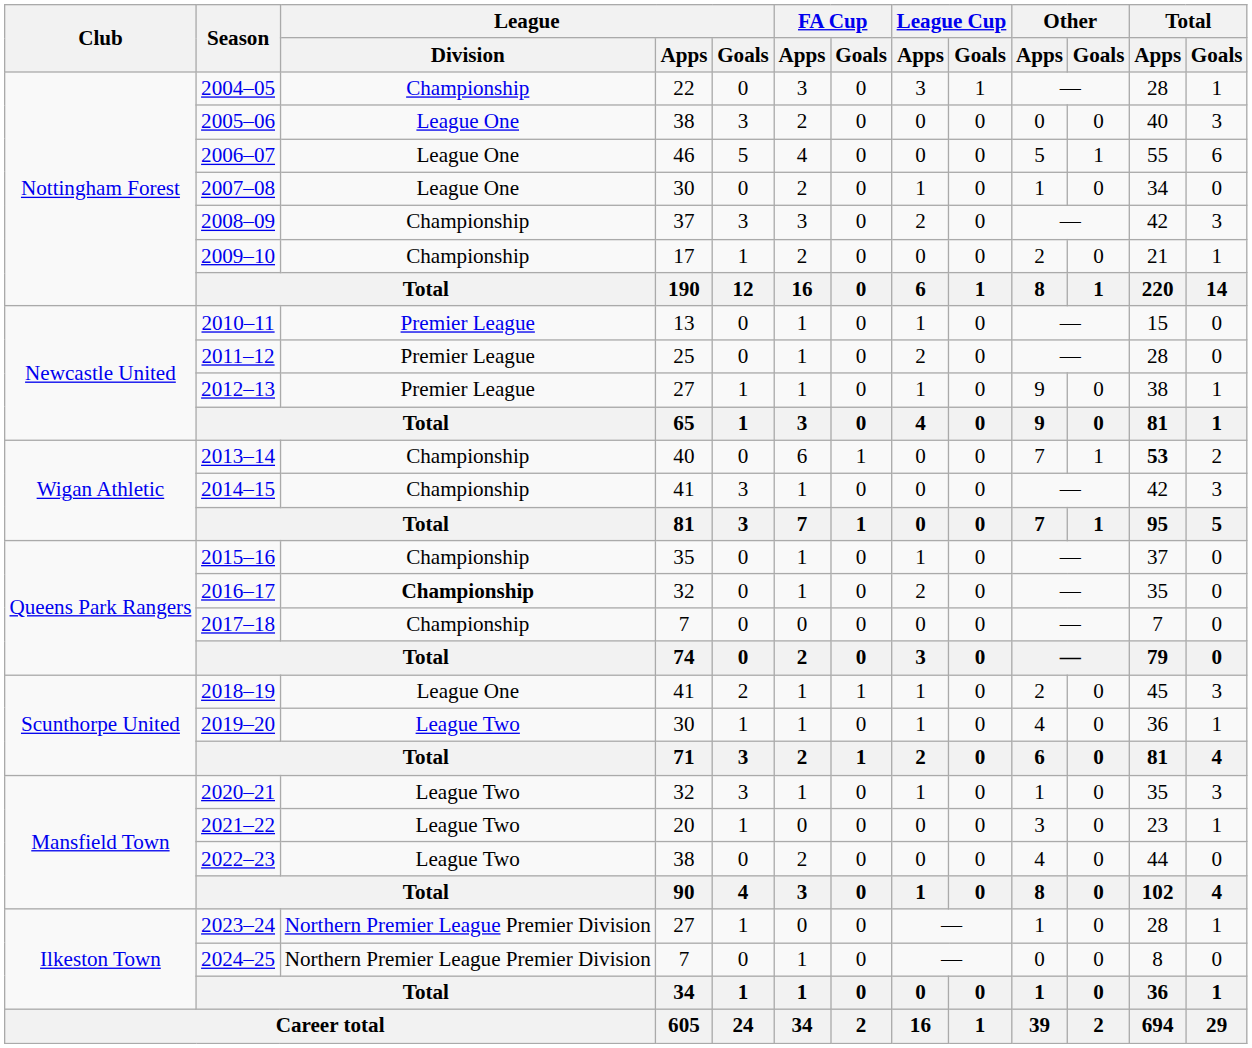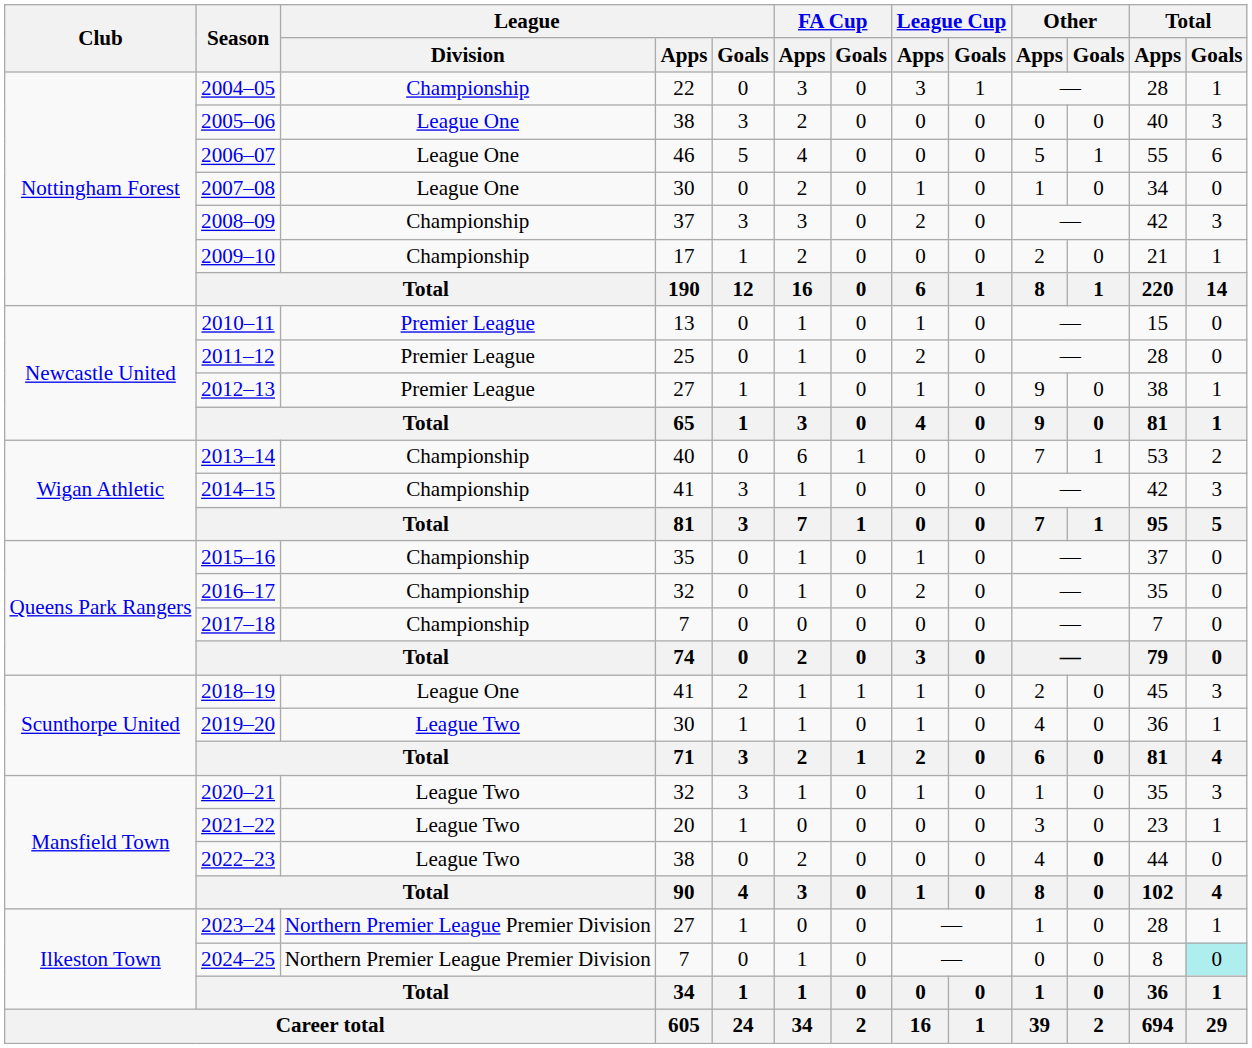 <table class=wikitable style="text-align: center">
 <tr>
 <th rowspan=2>Club</th>
 <th rowspan=2>Season</th>
 <th colspan=3>League</th>
 <th colspan=2><a href='#'>FA Cup</a></th>
 <th colspan=2><a href='#'>League Cup</a></th>
 <th colspan=2>Other</th>
 <th colspan=2>Total</th>
 </tr>
 <tr>
 <th>Division</th>
 <th>Apps</th>
 <th>Goals</th>
 <th>Apps</th>
 <th>Goals</th>
 <th>Apps</th>
 <th>Goals</th>
 <th>Apps</th>
 <th>Goals</th>
 <th>Apps</th>
 <th>Goals</th>
 </tr>
 <tr>
 <td rowspan=7><a href='#'>Nottingham Forest</a></td>
 <td><a href='#'>2004–05</a></td>
 <td><a href='#'>Championship</a></td>
 <td>22</td>
 <td>0</td>
 <td>3</td>
 <td>0</td>
 <td>3</td>
 <td>1</td>
 <td colspan=2>—</td>
 <td>28</td>
 <td>1</td>
 </tr>
 <tr>
 <td><a href='#'>2005–06</a></td>
 <td><a href='#'>League One</a></td>
 <td>38</td>
 <td>3</td>
 <td>2</td>
 <td>0</td>
 <td>0</td>
 <td>0</td>
 <td>0</td>
 <td>0</td>
 <td>40</td>
 <td>3</td>
 </tr>
 <tr>
 <td><a href='#'>2006–07</a></td>
 <td>League One</td>
 <td>46</td>
 <td>5</td>
 <td>4</td>
 <td>0</td>
 <td>0</td>
 <td>0</td>
 <td>5</td>
 <td>1</td>
 <td>55</td>
 <td>6</td>
 </tr>
 <tr>
 <td><a href='#'>2007–08</a></td>
 <td>League One</td>
 <td>30</td>
 <td>0</td>
 <td>2</td>
 <td>0</td>
 <td>1</td>
 <td>0</td>
 <td>1</td>
 <td>0</td>
 <td>34</td>
 <td>0</td>
 </tr>
 <tr>
 <td><a href='#'>2008–09</a></td>
 <td>Championship</td>
 <td>37</td>
 <td>3</td>
 <td>3</td>
 <td>0</td>
 <td>2</td>
 <td>0</td>
 <td colspan=2>—</td>
 <td>42</td>
 <td>3</td>
 </tr>
 <tr>
 <td><a href='#'>2009–10</a></td>
 <td>Championship</td>
 <td>17</td>
 <td>1</td>
 <td>2</td>
 <td>0</td>
 <td>0</td>
 <td>0</td>
 <td>2</td>
 <td>0</td>
 <td>21</td>
 <td>1</td>
 </tr>
 <tr>
 <th colspan=2>Total</th>
 <th>190</th>
 <th>12</th>
 <th>16</th>
 <th>0</th>
 <th>6</th>
 <th>1</th>
 <th>8</th>
 <th>1</th>
 <th>220</th>
 <th>14</th>
 </tr>
 <tr>
 <td rowspan=4><a href='#'>Newcastle United</a></td>
 <td><a href='#'>2010–11</a></td>
 <td><a href='#'>Premier League</a></td>
 <td>13</td>
 <td>0</td>
 <td>1</td>
 <td>0</td>
 <td>1</td>
 <td>0</td>
 <td colspan=2>—</td>
 <td>15</td>
 <td>0</td>
 </tr>
 <tr>
 <td><a href='#'>2011–12</a></td>
 <td>Premier League</td>
 <td>25</td>
 <td>0</td>
 <td>1</td>
 <td>0</td>
 <td>2</td>
 <td>0</td>
 <td colspan=2>—</td>
 <td>28</td>
 <td>0</td>
 </tr>
 <tr>
 <td><a href='#'>2012–13</a></td>
 <td>Premier League</td>
 <td>27</td>
 <td>1</td>
 <td>1</td>
 <td>0</td>
 <td>1</td>
 <td>0</td>
 <td>9</td>
 <td>0</td>
 <td>38</td>
 <td>1</td>
 </tr>
 <tr>
 <th colspan=2>Total</th>
 <th>65</th>
 <th>1</th>
 <th>3</th>
 <th>0</th>
 <th>4</th>
 <th>0</th>
 <th>9</th>
 <th>0</th>
 <th>81</th>
 <th>1</th>
 </tr>
 <tr>
 <td rowspan=3><a href='#'>Wigan Athletic</a></td>
 <td><a href='#'>2013–14</a></td>
 <td>Championship</td>
 <td>40</td>
 <td>0</td>
 <td>6</td>
 <td>1</td>
 <td>0</td>
 <td>0</td>
 <td>7</td>
 <td>1</td>
-<td><strong>53</strong></td>
+<td>53</td>
 <td>2</td>
 </tr>
 <tr>
 <td><a href='#'>2014–15</a></td>
 <td>Championship</td>
 <td>41</td>
 <td>3</td>
 <td>1</td>
 <td>0</td>
 <td>0</td>
 <td>0</td>
 <td colspan=2>—</td>
 <td>42</td>
 <td>3</td>
 </tr>
 <tr>
 <th colspan=2>Total</th>
 <th>81</th>
 <th>3</th>
 <th>7</th>
 <th>1</th>
 <th>0</th>
 <th>0</th>
 <th>7</th>
 <th>1</th>
 <th>95</th>
 <th>5</th>
 </tr>
 <tr>
 <td rowspan=4><a href='#'>Queens Park Rangers</a></td>
 <td><a href='#'>2015–16</a></td>
 <td>Championship</td>
 <td>35</td>
 <td>0</td>
 <td>1</td>
 <td>0</td>
 <td>1</td>
 <td>0</td>
 <td colspan=2>—</td>
 <td>37</td>
 <td>0</td>
 </tr>
 <tr>
 <td><a href='#'>2016–17</a></td>
-<td><strong>Championship</strong></td>
+<td>Championship</td>
 <td>32</td>
 <td>0</td>
 <td>1</td>
 <td>0</td>
 <td>2</td>
 <td>0</td>
 <td colspan=2>—</td>
 <td>35</td>
 <td>0</td>
 </tr>
 <tr>
 <td><a href='#'>2017–18</a></td>
 <td>Championship</td>
 <td>7</td>
 <td>0</td>
 <td>0</td>
 <td>0</td>
 <td>0</td>
 <td>0</td>
 <td colspan=2>—</td>
 <td>7</td>
 <td>0</td>
 </tr>
 <tr>
 <th colspan=2>Total</th>
 <th>74</th>
 <th>0</th>
 <th>2</th>
 <th>0</th>
 <th>3</th>
 <th>0</th>
 <th colspan=2>—</th>
 <th>79</th>
 <th>0</th>
 </tr>
 <tr>
 <td rowspan=3><a href='#'>Scunthorpe United</a></td>
 <td><a href='#'>2018–19</a></td>
 <td>League One</td>
 <td>41</td>
 <td>2</td>
 <td>1</td>
 <td>1</td>
 <td>1</td>
 <td>0</td>
 <td>2</td>
 <td>0</td>
 <td>45</td>
 <td>3</td>
 </tr>
 <tr>
 <td><a href='#'>2019–20</a></td>
 <td><a href='#'>League Two</a></td>
 <td>30</td>
 <td>1</td>
 <td>1</td>
 <td>0</td>
 <td>1</td>
 <td>0</td>
 <td>4</td>
 <td>0</td>
 <td>36</td>
 <td>1</td>
 </tr>
 <tr>
 <th colspan=2>Total</th>
 <th>71</th>
 <th>3</th>
 <th>2</th>
 <th>1</th>
 <th>2</th>
 <th>0</th>
 <th>6</th>
 <th>0</th>
 <th>81</th>
 <th>4</th>
 </tr>
 <tr>
 <td rowspan="4"><a href='#'>Mansfield Town</a></td>
 <td><a href='#'>2020–21</a></td>
 <td>League Two</td>
 <td>32</td>
 <td>3</td>
 <td>1</td>
 <td>0</td>
 <td>1</td>
 <td>0</td>
 <td>1</td>
 <td>0</td>
 <td>35</td>
 <td>3</td>
 </tr>
 <tr>
 <td><a href='#'>2021–22</a></td>
 <td>League Two</td>
 <td>20</td>
 <td>1</td>
 <td>0</td>
 <td>0</td>
 <td>0</td>
 <td>0</td>
 <td>3</td>
 <td>0</td>
 <td>23</td>
 <td>1</td>
 </tr>
 <tr>
 <td><a href='#'>2022–23</a></td>
 <td>League Two</td>
 <td>38</td>
 <td>0</td>
 <td>2</td>
 <td>0</td>
 <td>0</td>
 <td>0</td>
 <td>4</td>
-<td>0</td>
+<td><strong>0</strong></td>
 <td>44</td>
 <td>0</td>
 </tr>
 <tr>
 <th colspan="2">Total</th>
 <th>90</th>
 <th>4</th>
 <th>3</th>
 <th>0</th>
 <th>1</th>
 <th>0</th>
 <th>8</th>
 <th>0</th>
 <th>102</th>
 <th>4</th>
 </tr>
 <tr>
 <td rowspan="3"><a href='#'>Ilkeston Town</a></td>
 <td><a href='#'>2023–24</a></td>
 <td><a href='#'>Northern Premier League</a> Premier Division</td>
 <td>27</td>
 <td>1</td>
 <td>0</td>
 <td>0</td>
 <td colspan="2">—</td>
 <td>1</td>
 <td>0</td>
 <td>28</td>
 <td>1</td>
 </tr>
 <tr>
 <td><a href='#'>2024–25</a></td>
 <td>Northern Premier League Premier Division</td>
 <td>7</td>
 <td>0</td>
 <td>1</td>
 <td>0</td>
 <td colspan="2">—</td>
 <td>0</td>
 <td>0</td>
 <td>8</td>
-<td>0</td>
+<td style="background: paleturquoise;">0</td>
 </tr>
 <tr>
 <th colspan="2">Total</th>
 <th>34</th>
 <th>1</th>
 <th>1</th>
 <th>0</th>
 <th>0</th>
 <th>0</th>
 <th>1</th>
 <th>0</th>
 <th>36</th>
 <th>1</th>
 </tr>
 <tr>
 <th colspan=3>Career total</th>
 <th>605</th>
 <th>24</th>
 <th>34</th>
 <th>2</th>
 <th>16</th>
 <th>1</th>
 <th>39</th>
 <th>2</th>
 <th>694</th>
 <th>29</th>
 </tr>
 </table>
